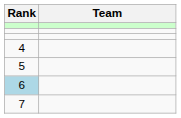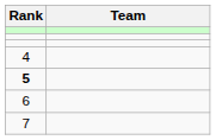 <table class="wikitable" style="text-align: center;">
 <tr>
 <th width=40>Rank</th>
 <th width=180>Team</th>
 </tr>
 <tr bgcolor=#ccffcc align=center>
 <td></td>
 <td style="text-align:left;"></td>
 </tr>
 <tr align=center>
 <td></td>
 <td style="text-align:left;"></td>
 </tr>
 <tr align=center>
 <td></td>
 <td style="text-align:left;"></td>
 </tr>
 <tr align=center>
 <td>4</td>
 <td style="text-align:left;"></td>
 </tr>
 <tr align=center>
-<td>5</td>
+<td><strong>5</strong></td>
 <td style="text-align:left;"></td>
 </tr>
 <tr align=center>
-<td style="background: lightblue;">6</td>
+<td>6</td>
 <td style="text-align:left;"></td>
 </tr>
 <tr align=center>
 <td>7</td>
 <td style="text-align:left;"></td>
 </tr>
 </table>
